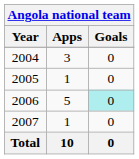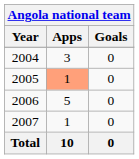 <table class="wikitable" style="text-align:center">
 <tr>
 <th colspan=3><a href='#'>Angola national team</a></th>
 </tr>
 <tr>
 <th>Year</th>
 <th>Apps</th>
 <th>Goals</th>
 </tr>
 <tr>
 </tr>
 <tr>
 <td>2004</td>
 <td>3</td>
 <td>0</td>
 </tr>
 <tr>
 <td>2005</td>
-<td>1</td>
+<td style="background: lightsalmon;">1</td>
 <td>0</td>
 </tr>
 <tr>
 <td>2006</td>
 <td>5</td>
-<td style="background: paleturquoise;">0</td>
+<td>0</td>
 </tr>
 <tr>
 <td>2007</td>
 <td>1</td>
 <td>0</td>
 </tr>
 <tr>
 <th>Total</th>
 <th>10</th>
 <th>0</th>
 </tr>
 </table>
